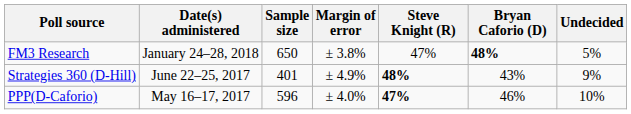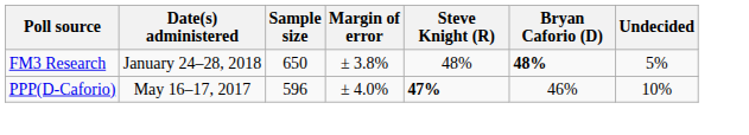 <table class="wikitable">
 <tr>
 <th>Poll source</th>
 <th>Date(s)<br>administered</th>
 <th>Sample<br>size</th>
 <th>Margin of<br>error</th>
 <th style="width:95px;">Steve<br>Knight (R)</th>
 <th style="width:95px;">Bryan<br>Caforio (D)</th>
 <th>Undecided</th>
 </tr>
 <tr>
 <td><a href='#'>FM3 Research</a></td>
 <td style="text-align:center">January 24–28, 2018</td>
 <td style="text-align:center">650</td>
 <td style="text-align:center">± 3.8%</td>
-<td style="text-align:center">47%</td>
+<td style="text-align:center">48%</td>
 <td style="background-color:"><strong>48%</strong></td>
 <td style="text-align:center">5%</td>
-</tr>
-<tr>
-<td><a href='#'>Strategies 360 (D-Hill)</a></td>
-<td style="text-align:center">June 22–25, 2017</td>
-<td style="text-align:center">401</td>
-<td style="text-align:center">± 4.9%</td>
-<td style="background-color:"><strong>48%</strong></td>
-<td style="text-align:center">43%</td>
-<td style="text-align:center">9%</td>
 </tr>
 <tr>
 <td><a href='#'>PPP(D-Caforio)</a></td>
 <td style="text-align:center">May 16–17, 2017</td>
 <td style="text-align:center">596</td>
 <td style="text-align:center">± 4.0%</td>
 <td style="background-color:"><strong>47%</strong></td>
 <td style="text-align:center">46%</td>
 <td style="text-align:center">10%</td>
 </tr>
 </table>
